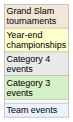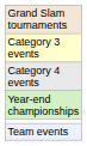 <table class=wikitable style=font-size:92%;width:12%>
 <tr style="background:#f3e6d7;">
 <td>Grand Slam tournaments</td>
 </tr>
 <tr style="background:#ffc;">
-<td>Year-end championships</td>
+<td>Category 3 events</td>
 </tr>
 <tr style="background:#e9e9e9;">
 <td>Category 4 events</td>
 </tr>
 <tr style="background:#d4f1c5;">
-<td>Category 3 events</td>
+<td>Year-end championships</td>
 </tr>
 <tr style="background:#fff;">
 <td></td>
 </tr>
 <tr style="background:#ecf2ff;">
 <td>Team events</td>
 </tr>
 </table>
